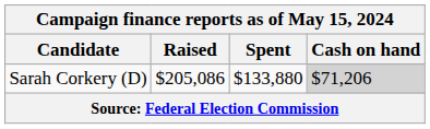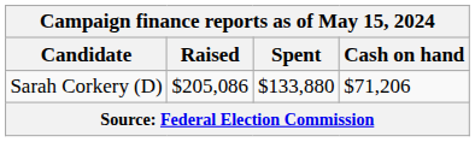 <table class="wikitable sortable">
 <tr>
 <th colspan=4>Campaign finance reports as of May 15, 2024</th>
 </tr>
 <tr style="text-align:center;">
 <th>Candidate</th>
 <th>Raised</th>
 <th>Spent</th>
 <th>Cash on hand</th>
 </tr>
 <tr>
 <td>Sarah Corkery (D)</td>
 <td>$205,086</td>
 <td>$133,880</td>
-<td style="background: lightgrey;">$71,206</td>
+<td>$71,206</td>
 </tr>
 <tr>
 <th colspan="4"><small>Source: <a href='#'>Federal Election Commission</a></small></th>
 </tr>
 </table>
